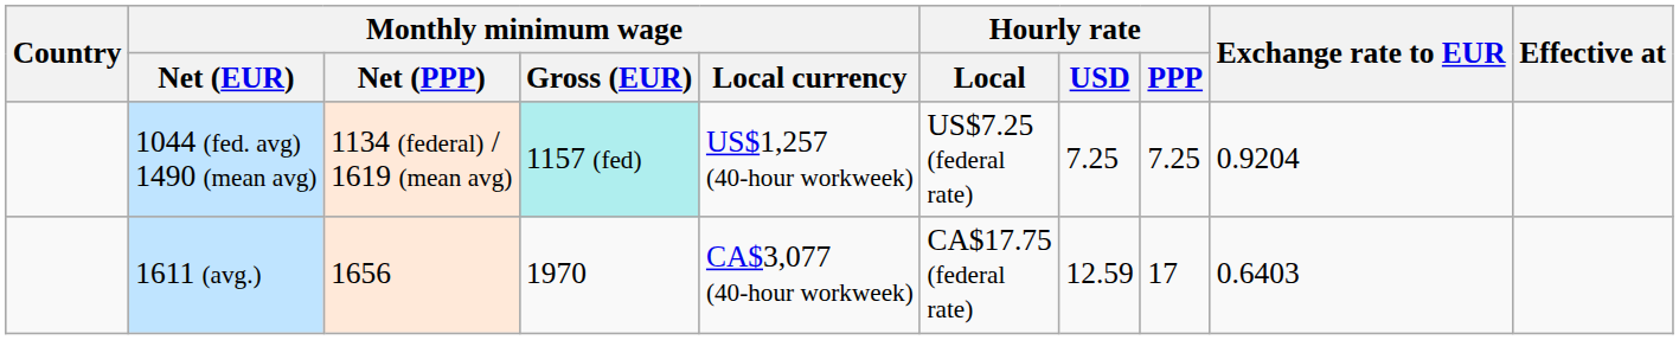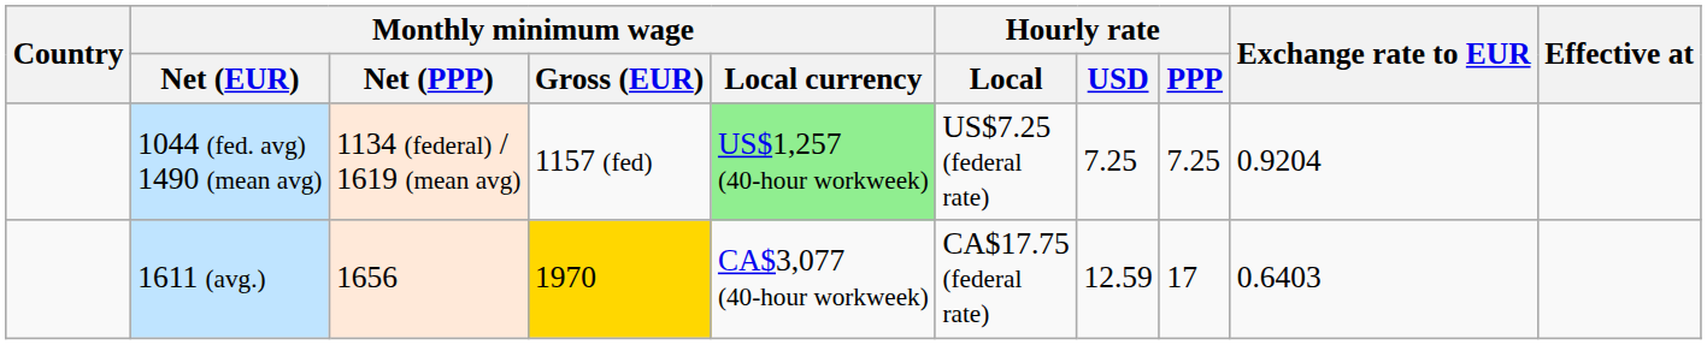 <table class="wikitable sortable mw-datatable sort-under">
 <tr>
 <th rowspan="2">Country</th>
 <th colspan="4">Monthly minimum wage</th>
 <th colspan="3">Hourly rate</th>
 <th rowspan="2" data-sort-type="number">Exchange rate to <a href='#'>EUR</a></th>
 <th rowspan="2">Effective at</th>
 </tr>
 <tr>
 <th data-sort-type="number">Net (<a href='#'>EUR</a>)</th>
 <th data-sort-type="number">Net (<a href='#'>PPP</a>)</th>
 <th data-sort-type="number">Gross (<a href='#'>EUR</a>)</th>
 <th style="width:6pt;" data-sort-type="number">Local currency</th>
 <th style="width:3pt;" data-sort-type="number">Local</th>
 <th style="width:3pt;" data-sort-type="number"><a href='#'>USD</a></th>
 <th style="width:3pt;" data-sort-type="number"><a href='#'>PPP</a></th>
 </tr>
 <tr>
 <td></td>
 <td style="background:#bfe4ff;"nowrap>1044 <small>(fed. avg)</small><br> 1490 <small>(mean avg)</small></td>
 <td style="background:#ffe9d9;"nowrap>1134 <small>(federal)</small> /<br> 1619 <small>(mean avg)</small></td>
-<td nowrap style="background: paleturquoise;"> 1157 <small>(fed)</small></td>
-<td nowrap><a href='#'>US$</a>1,257<br><small>(40-hour workweek)</small></td>
+<td nowrap> 1157 <small>(fed)</small></td>
+<td nowrap style="background: lightgreen;"><a href='#'>US$</a>1,257<br><small>(40-hour workweek)</small></td>
 <td>US$7.25 <small>(federal rate)</small></td>
 <td>7.25</td>
 <td>7.25</td>
 <td>0.9204</td>
 <td></td>
 </tr>
 <tr>
 <td></td>
 <td style="background:#bfe4ff;">1611 <small>(avg.)</small></td>
 <td style="background:#ffe9d9;">1656</td>
-<td> 1970</td>
+<td style="background: gold;"> 1970</td>
 <td><a href='#'>CA$</a>3,077<br><small>(40-hour workweek)</small></td>
 <td>CA$17.75 <small>(federal rate)</small></td>
 <td>12.59</td>
 <td>17</td>
 <td>0.6403</td>
 <td></td>
 </tr>
 </table>
